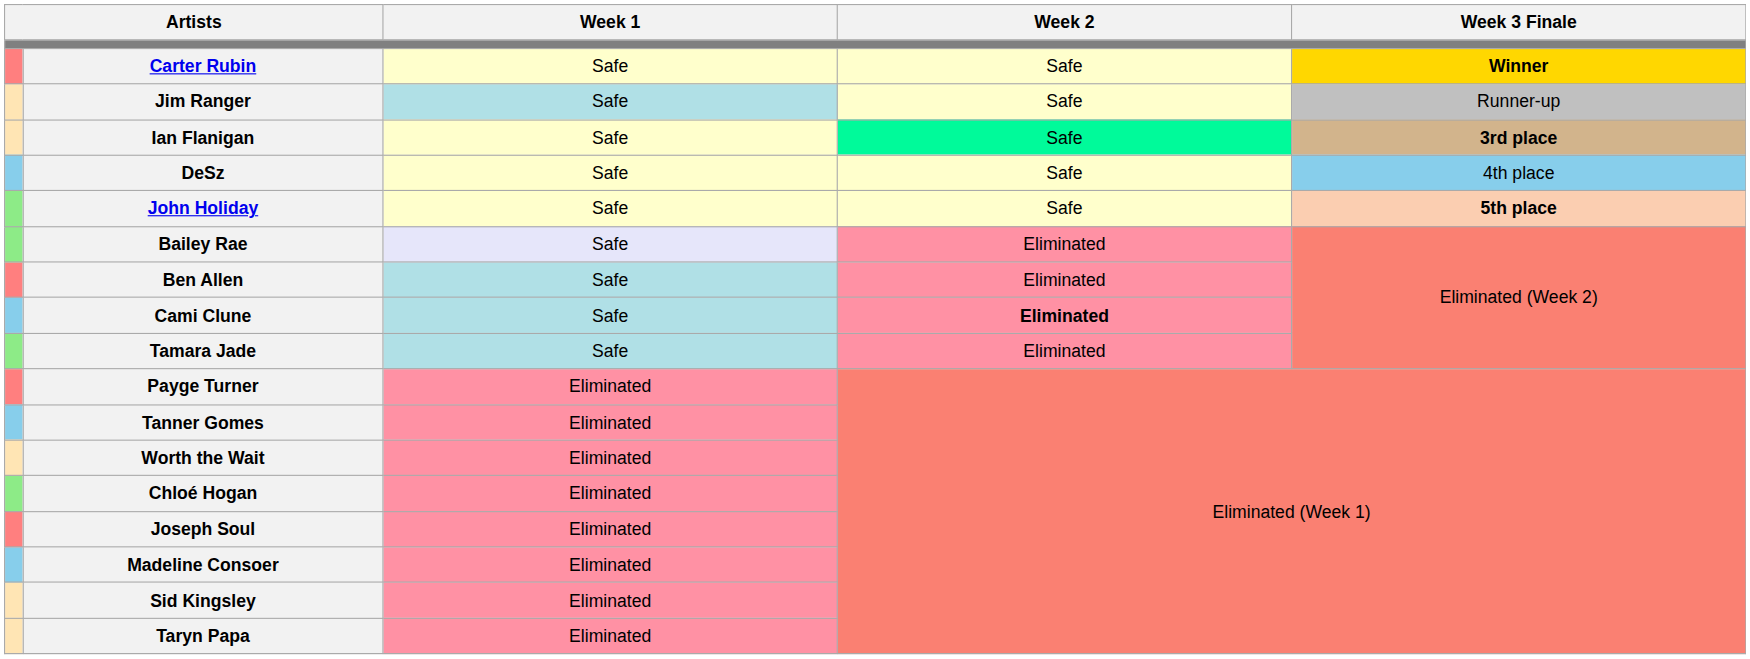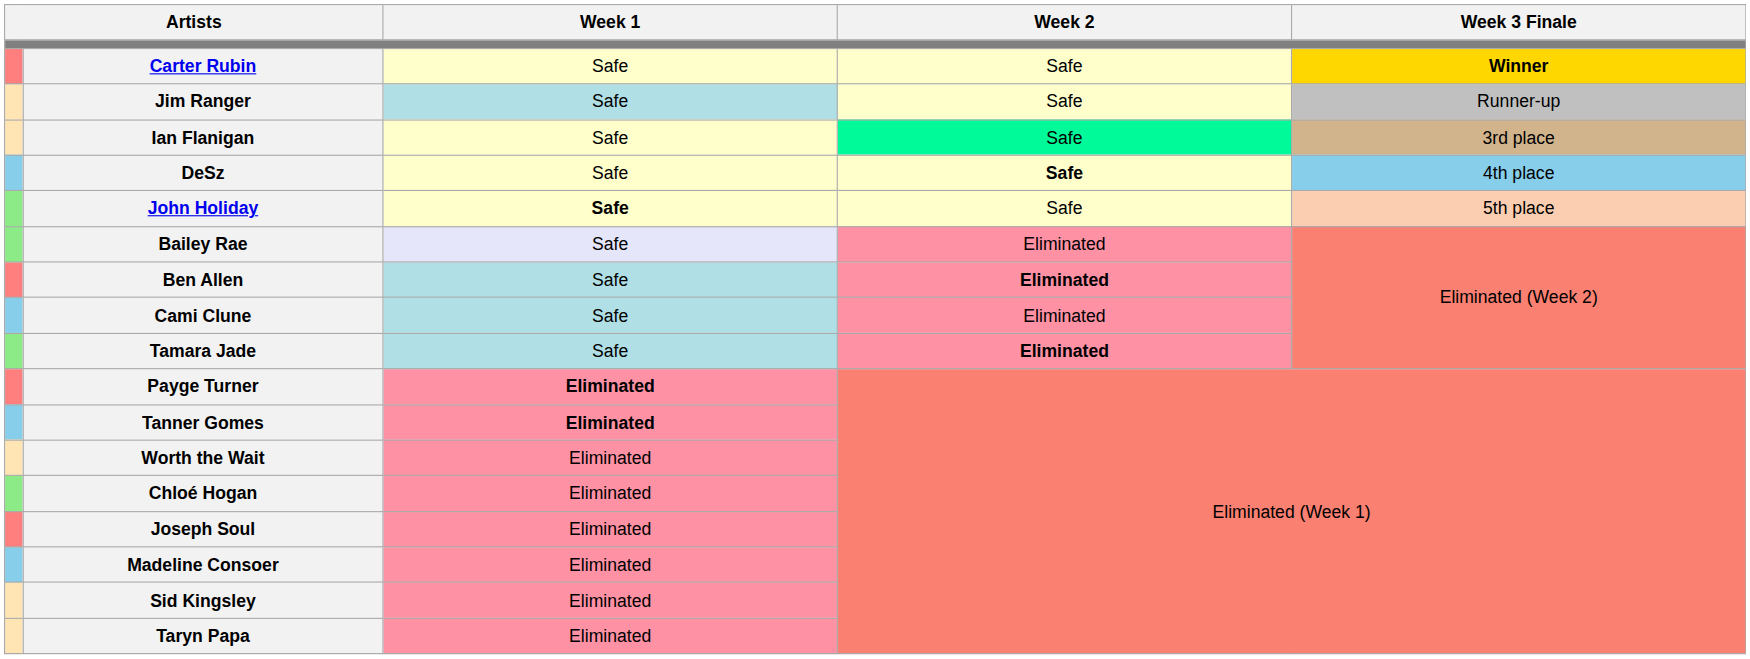 <table class="wikitable" style="text-align:center; line-height:25px; width:100%">
 <tr>
 <th colspan="2" width="20%">Artists</th>
 <th style="width:24%">Week 1</th>
 <th style="width:24%">Week 2</th>
 <th style="width:24%">Week 3 Finale</th>
 </tr>
 <tr>
 <th colspan="9" style="background:gray"></th>
 </tr>
 <tr>
 <th style="background:#FF7F7F"></th>
 <th scope="row"><a href='#'>Carter Rubin</a></th>
 <td style="background:#FFFFCC">Safe</td>
 <td style="background:#FFFFCC">Safe</td>
 <td style="background:gold"><strong>Winner</strong></td>
 </tr>
 <tr>
 <th style="background:#ffe5b4"></th>
 <th scope="row">Jim Ranger</th>
 <td style="background:#B0E0E6">Safe</td>
 <td style="background:#FFFFCC">Safe</td>
 <td style="background:silver">Runner-up</td>
 </tr>
 <tr>
 <th style="background:#ffe5b4"></th>
 <th scope="row">Ian Flanigan</th>
 <td style="background:#FFFFCC">Safe</td>
 <td style="background:#00FA9A">Safe</td>
-<td style="background:tan"><strong>3rd place</strong></td>
+<td style="background:tan">3rd place</td>
 </tr>
 <tr>
 <th style="background:#87ceeb"></th>
 <th scope="row">DeSz</th>
 <td style="background:#FFFFCC">Safe</td>
-<td style="background:#FFFFCC">Safe</td>
+<td style="background:#FFFFCC"><strong>Safe</strong></td>
 <td style="background:skyblue">4th place</td>
 </tr>
 <tr>
 <th style="background:#8deb87"></th>
 <th scope="row"><a href='#'>John Holiday</a></th>
+<td style="background:#FFFFCC"><strong>Safe</strong></td>
 <td style="background:#FFFFCC">Safe</td>
-<td style="background:#FFFFCC">Safe</td>
-<td style="background:#fbceb1"><strong>5th place</strong></td>
+<td style="background:#fbceb1">5th place</td>
 </tr>
 <tr>
 <th style="background:#8deb87"></th>
 <th scope="row">Bailey Rae</th>
 <td style="background:lavender">Safe</td>
 <td style="background:#FF91A4">Eliminated</td>
 <td rowspan="4" colspan="2" style="background:salmon">Eliminated (Week 2)</td>
 </tr>
 <tr>
 <th style="background:#FF7F7F"></th>
 <th scope="row">Ben Allen</th>
 <td style="background:#B0E0E6">Safe</td>
-<td style="background:#FF91A4">Eliminated</td>
+<td style="background:#FF91A4"><strong>Eliminated</strong></td>
 </tr>
 <tr>
 <th style="background:#87ceeb"></th>
 <th scope="row">Cami Clune</th>
 <td style="background:#B0E0E6">Safe</td>
-<td style="background:#FF91A4"><strong>Eliminated</strong></td>
+<td style="background:#FF91A4">Eliminated</td>
 </tr>
 <tr>
 <th style="background:#8deb87"></th>
 <th scope="row">Tamara Jade</th>
 <td style="background:#B0E0E6">Safe</td>
-<td style="background:#FF91A4">Eliminated</td>
+<td style="background:#FF91A4"><strong>Eliminated</strong></td>
 </tr>
 <tr>
 <th style="background:#FF7F7F"></th>
 <th scope="row">Payge Turner</th>
-<td style="background:#FF91A4">Eliminated</td>
+<td style="background:#FF91A4"><strong>Eliminated</strong></td>
 <td rowspan="8" colspan="2" style="background:salmon">Eliminated (Week 1)</td>
 </tr>
 <tr>
 <th style="background:#87ceeb"></th>
 <th scope="row">Tanner Gomes</th>
-<td style="background:#FF91A4">Eliminated</td>
+<td style="background:#FF91A4"><strong>Eliminated</strong></td>
 </tr>
 <tr>
 <th style="background:#ffe5b4"></th>
 <th scope="row">Worth the Wait</th>
 <td style="background:#FF91A4">Eliminated</td>
 </tr>
 <tr>
 <th style="background:#8deb87"></th>
 <th scope="row">Chloé Hogan</th>
 <td style="background:#FF91A4">Eliminated</td>
 </tr>
 <tr>
 <th style="background:#FF7F7F"></th>
 <th scope="row">Joseph Soul</th>
 <td style="background:#FF91A4">Eliminated</td>
 </tr>
 <tr>
 <th style="background:#87ceeb"></th>
 <th scope="row">Madeline Consoer</th>
 <td style="background:#FF91A4">Eliminated</td>
 </tr>
 <tr>
 <th style="background:#ffe5b4"></th>
 <th scope="row">Sid Kingsley</th>
 <td style="background:#FF91A4">Eliminated</td>
 </tr>
 <tr>
 <th style="background:#ffe5b4"></th>
 <th scope="row">Taryn Papa</th>
 <td style="background:#FF91A4">Eliminated</td>
 </tr>
 <tr>
 </tr>
 </table>
